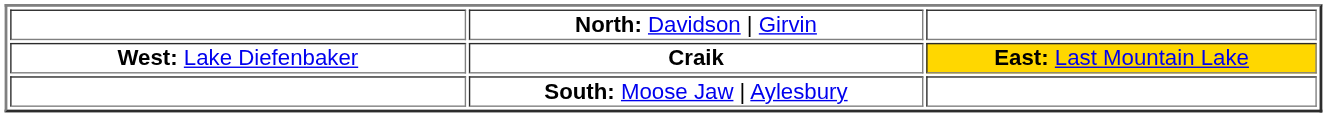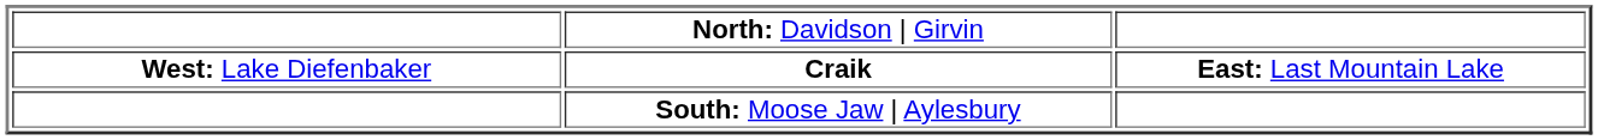 <table border="2" style="width:75%; margin:auto;">
 <tr>
 <td style="width:35%; text-align:center;"></td>
 <td style="width:30%; text-align:center;"><strong>North:</strong> <a href='#'>Davidson</a> | <a href='#'>Girvin</a></td>
 <td style="width:35%; text-align:center;"></td>
 </tr>
 <tr>
 <td style="width:10%; text-align:center;"><strong>West:</strong> <a href='#'>Lake Diefenbaker</a></td>
 <td style="width:35%; text-align:center;"><strong>Craik</strong> </td>
-<td style="background: gold; width:30%; text-align:center;"><strong>East:</strong> <a href='#'>Last Mountain Lake</a></td>
+<td style="width:30%; text-align:center;"><strong>East:</strong> <a href='#'>Last Mountain Lake</a></td>
 </tr>
 <tr>
 <td style="width:35%; text-align:center;"></td>
 <td style="width:30%; text-align:center;"><strong>South:</strong> <a href='#'>Moose Jaw</a> | <a href='#'>Aylesbury</a></td>
 <td style="width:35%; text-align:center;"></td>
 </tr>
 </table>
